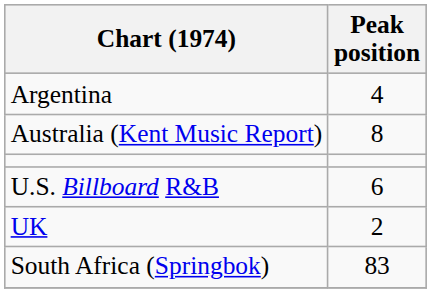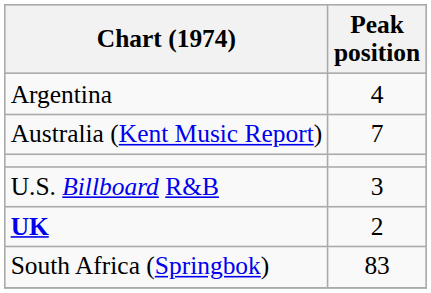 <table class="wikitable sortable">
 <tr>
 <th>Chart (1974)</th>
 <th>Peak<br>position</th>
 </tr>
 <tr>
 <td>Argentina</td>
 <td align="center">4</td>
 </tr>
 <tr>
 <td>Australia (<a href='#'>Kent Music Report</a>)</td>
-<td style="text-align:center;">8</td>
+<td style="text-align:center;">7</td>
 </tr>
 <tr>
 <td></td>
 </tr>
 <tr>
 <td>U.S. <em><a href='#'>Billboard</a></em> <a href='#'>R&B</a></td>
-<td align="center">6</td>
+<td align="center">3</td>
 </tr>
 <tr>
-<td><a href='#'>UK</a></td>
+<td><strong><a href='#'>UK</a></strong></td>
 <td style="text-align:center;">2</td>
 </tr>
 <tr>
 <td>South Africa (<a href='#'>Springbok</a>)</td>
 <td style="text-align:center;">83</td>
 </tr>
 <tr>
 </tr>
 </table>
